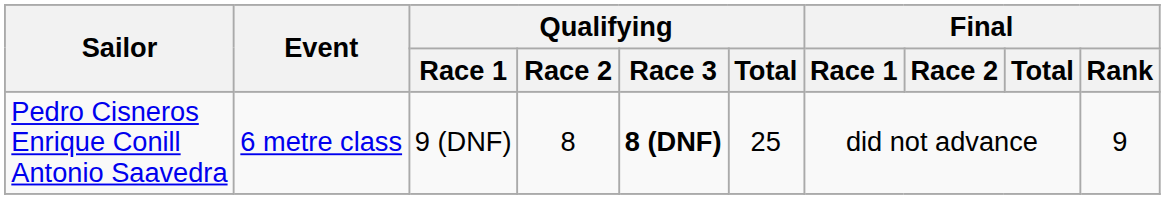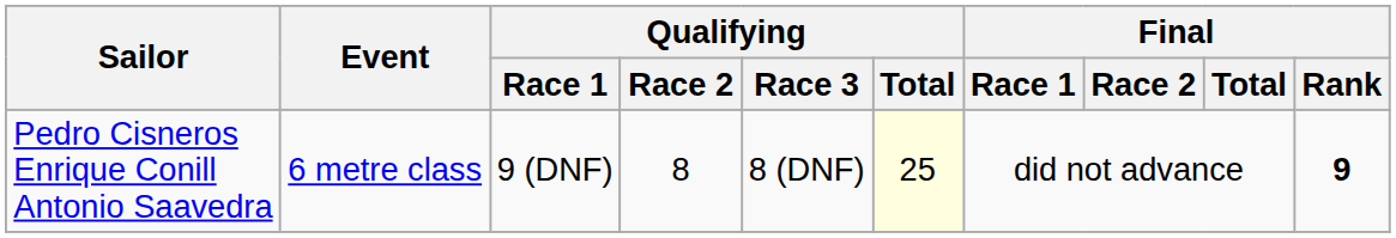 <table class=wikitable style="font-size:90%">
 <tr>
 <th rowspan=2>Sailor</th>
 <th rowspan=2>Event</th>
 <th colspan=4>Qualifying</th>
 <th colspan=4>Final</th>
 </tr>
 <tr>
 <th>Race 1</th>
 <th>Race 2</th>
 <th>Race 3</th>
 <th>Total</th>
 <th>Race 1</th>
 <th>Race 2</th>
 <th>Total</th>
 <th>Rank</th>
 </tr>
 <tr>
 <td><a href='#'>Pedro Cisneros</a> <br> <a href='#'>Enrique Conill</a> <br> <a href='#'>Antonio Saavedra</a></td>
 <td><a href='#'>6 metre class</a></td>
 <td align=center>9 (DNF)</td>
 <td align=center>8</td>
-<td align=center><strong>8 (DNF)</strong></td>
-<td align=center>25</td>
+<td align=center>8 (DNF)</td>
+<td align=center style="background: lightyellow;">25</td>
 <td align=center colspan=3>did not advance</td>
-<td align=center>9</td>
+<td align=center><strong>9</strong></td>
 </tr>
 </table>
